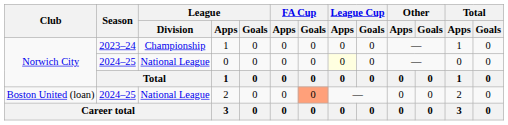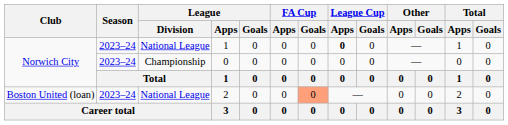 <table class="wikitable" style="text-align: center">
 <tr>
 <th rowspan="2">Club</th>
 <th rowspan="2">Season</th>
 <th colspan="3">League</th>
 <th colspan="2"><a href='#'>FA Cup</a></th>
 <th colspan="2"><a href='#'>League Cup</a></th>
 <th colspan="2">Other</th>
 <th colspan="2">Total</th>
 </tr>
 <tr>
 <th>Division</th>
 <th>Apps</th>
 <th>Goals</th>
 <th>Apps</th>
 <th>Goals</th>
 <th>Apps</th>
 <th>Goals</th>
 <th>Apps</th>
 <th>Goals</th>
 <th>Apps</th>
 <th>Goals</th>
 </tr>
 <tr>
 <td rowspan="3"><a href='#'>Norwich City</a></td>
 <td><a href='#'>2023–24</a></td>
-<td><a href='#'>Championship</a></td>
+<td><a href='#'>National League</a></td>
 <td>1</td>
 <td>0</td>
 <td>0</td>
 <td>0</td>
-<td>0</td>
+<td><strong>0</strong></td>
 <td>0</td>
 <td colspan="2">—</td>
 <td>1</td>
 <td>0</td>
 </tr>
 <tr>
-<td><a href='#'>2024–25</a></td>
-<td><a href='#'>National League</a></td>
+<td><a href='#'>2023–24</a></td>
+<td>Championship</td>
 <td>0</td>
 <td>0</td>
 <td>0</td>
 <td>0</td>
-<td style="background: lightyellow;">0</td>
+<td>0</td>
 <td>0</td>
 <td colspan="2">—</td>
 <td>0</td>
 <td>0</td>
 </tr>
 <tr>
 <th colspan="2">Total</th>
 <th>1</th>
 <th>0</th>
 <th>0</th>
 <th>0</th>
 <th>0</th>
 <th>0</th>
 <th>0</th>
 <th>0</th>
 <th>1</th>
 <th>0</th>
 </tr>
 <tr>
 <td><a href='#'>Boston United</a> (loan)</td>
-<td><a href='#'>2024–25</a></td>
+<td><a href='#'>2023–24</a></td>
 <td><a href='#'>National League</a></td>
 <td>2</td>
 <td>0</td>
 <td>0</td>
 <td style="background: lightsalmon;">0</td>
 <td colspan="2">—</td>
 <td>0</td>
 <td>0</td>
 <td>2</td>
 <td>0</td>
 </tr>
 <tr>
 <th colspan="3">Career total</th>
 <th>3</th>
 <th>0</th>
 <th>0</th>
 <th>0</th>
 <th>0</th>
 <th>0</th>
 <th>0</th>
 <th>0</th>
 <th>3</th>
 <th>0</th>
 </tr>
 </table>
